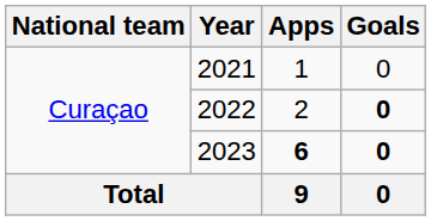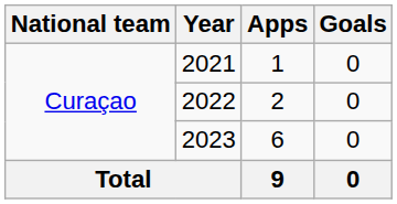 <table class="wikitable" style="text-align:center">
 <tr>
 <th>National team</th>
 <th>Year</th>
 <th>Apps</th>
 <th>Goals</th>
 </tr>
 <tr>
 <td rowspan="3"><a href='#'>Curaçao</a></td>
 <td>2021</td>
 <td>1</td>
 <td>0</td>
 </tr>
 <tr>
 <td>2022</td>
 <td>2</td>
-<td><strong>0</strong></td>
+<td>0</td>
 </tr>
 <tr>
 <td>2023</td>
-<td><strong>6</strong></td>
-<td><strong>0</strong></td>
+<td>6</td>
+<td>0</td>
 </tr>
 <tr>
 <th colspan="2">Total</th>
 <th>9</th>
 <th>0</th>
 </tr>
 </table>
